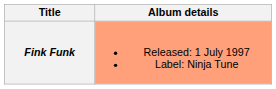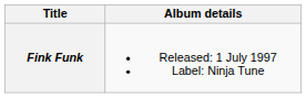 <table class="wikitable plainrowheaders" style="text-align:center;" border="1">
 <tr>
 <th scope="col" style="width:8em;">Title</th>
 <th scope="col" style="width:16em;">Album details</th>
 </tr>
 <tr>
 <th scope="row"><em>Fink Funk</em></th>
-<td style="background: lightsalmon;"><br><ul><li>Released: 1 July 1997</li><li>Label: Ninja Tune</li></ul></td>
+<td><br><ul><li>Released: 1 July 1997</li><li>Label: Ninja Tune</li></ul></td>
 </tr>
 </table>
